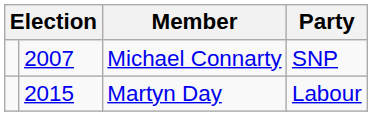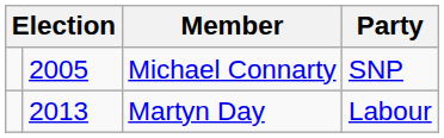 <table class="wikitable">
 <tr>
 <th colspan="2">Election</th>
 <th>Member</th>
 <th>Party</th>
 </tr>
 <tr>
 <td style="color:inherit;background-color: "></td>
-<td><a href='#'>2007</a></td>
+<td><a href='#'>2005</a></td>
 <td><a href='#'>Michael Connarty</a></td>
 <td><a href='#'>SNP</a></td>
 </tr>
 <tr>
 <td style="color:inherit;background-color: "></td>
-<td><a href='#'>2015</a></td>
+<td><a href='#'>2013</a></td>
 <td><a href='#'>Martyn Day</a></td>
 <td><a href='#'>Labour</a></td>
 </tr>
 </table>
